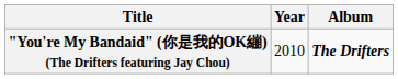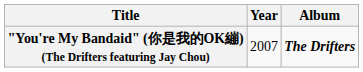 <table class="wikitable plainrowheaders" style="text-align:center;">
 <tr>
 <th rowspan="1" scope="col">Title</th>
 <th rowspan="1" scope="col">Year</th>
 <th rowspan="1" scope="col">Album</th>
 </tr>
 <tr>
 <th scope="row">"You're My Bandaid" (你是我的OK繃)<br><small>(The Drifters featuring Jay Chou)</small></th>
-<td>2010</td>
+<td>2007</td>
 <td><strong><em>The Drifters</em></strong></td>
 </tr>
 </table>
